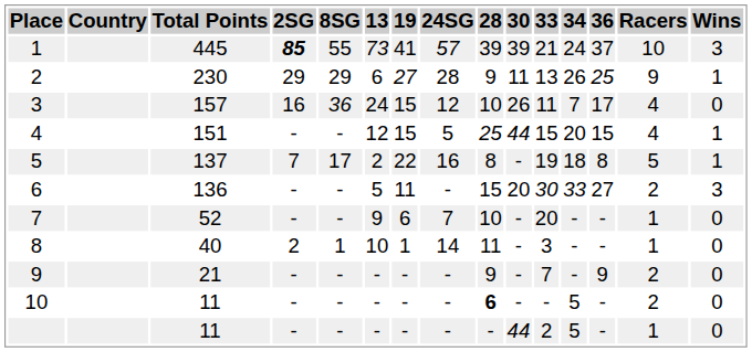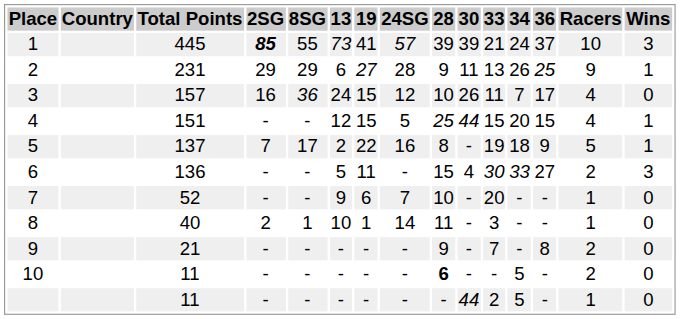 <table border="0" style="border: 1px solid #999; background-color:#FFFFFF; text-align:center">
 <tr align="center" bgcolor="#CCCCCC">
 <th>Place</th>
 <th>Country</th>
 <th>Total Points</th>
 <th>2SG</th>
 <th>8SG</th>
 <th>13</th>
 <th>19</th>
 <th>24SG</th>
 <th>28</th>
 <th>30</th>
 <th>33</th>
 <th>34</th>
 <th>36</th>
 <th>Racers</th>
 <th>Wins</th>
 </tr>
 <tr bgcolor="#EFEFEF">
 <td>1</td>
 <td align="left"></td>
 <td>445</td>
 <td><strong><em>85</em></strong></td>
 <td>55</td>
 <td><em>73</em></td>
 <td>41</td>
 <td><em>57</em></td>
 <td>39</td>
 <td>39</td>
 <td>21</td>
 <td>24</td>
 <td>37</td>
 <td>10</td>
 <td>3</td>
 </tr>
 <tr>
 <td>2</td>
 <td align="left"></td>
-<td>230</td>
+<td>231</td>
 <td>29</td>
 <td>29</td>
 <td>6</td>
 <td><em>27</em></td>
 <td>28</td>
 <td>9</td>
 <td>11</td>
 <td>13</td>
 <td>26</td>
 <td><em>25</em></td>
 <td>9</td>
 <td>1</td>
 </tr>
 <tr bgcolor="#EFEFEF">
 <td>3</td>
 <td align="left"></td>
 <td>157</td>
 <td>16</td>
 <td><em>36</em></td>
 <td>24</td>
 <td>15</td>
 <td>12</td>
 <td>10</td>
 <td>26</td>
 <td>11</td>
 <td>7</td>
 <td>17</td>
 <td>4</td>
 <td>0</td>
 </tr>
 <tr>
 <td>4</td>
 <td align="left"></td>
 <td>151</td>
 <td>-</td>
 <td>-</td>
 <td>12</td>
 <td>15</td>
 <td>5</td>
 <td><em>25</em></td>
 <td><em>44</em></td>
 <td>15</td>
 <td>20</td>
 <td>15</td>
 <td>4</td>
 <td>1</td>
 </tr>
 <tr bgcolor="#EFEFEF">
 <td>5</td>
 <td align="left"></td>
 <td>137</td>
 <td>7</td>
 <td>17</td>
 <td>2</td>
 <td>22</td>
 <td>16</td>
 <td>8</td>
 <td>-</td>
 <td>19</td>
 <td>18</td>
-<td>8</td>
+<td>9</td>
 <td>5</td>
 <td>1</td>
 </tr>
 <tr>
 <td>6</td>
 <td align="left"></td>
 <td>136</td>
 <td>-</td>
 <td>-</td>
 <td>5</td>
 <td>11</td>
 <td>-</td>
 <td>15</td>
-<td>20</td>
+<td>4</td>
 <td><em>30</em></td>
 <td><em>33</em></td>
 <td>27</td>
 <td>2</td>
 <td>3</td>
 </tr>
 <tr bgcolor="#EFEFEF">
 <td>7</td>
 <td align="left"></td>
 <td>52</td>
 <td>-</td>
 <td>-</td>
 <td>9</td>
 <td>6</td>
 <td>7</td>
 <td>10</td>
 <td>-</td>
 <td>20</td>
 <td>-</td>
 <td>-</td>
 <td>1</td>
 <td>0</td>
 </tr>
 <tr>
 <td>8</td>
 <td align="left"></td>
 <td>40</td>
 <td>2</td>
 <td>1</td>
 <td>10</td>
 <td>1</td>
 <td>14</td>
 <td>11</td>
 <td>-</td>
 <td>3</td>
 <td>-</td>
 <td>-</td>
 <td>1</td>
 <td>0</td>
 </tr>
 <tr bgcolor="#EFEFEF">
 <td>9</td>
 <td align="left"></td>
 <td>21</td>
 <td>-</td>
 <td>-</td>
 <td>-</td>
 <td>-</td>
 <td>-</td>
 <td>9</td>
 <td>-</td>
 <td>7</td>
 <td>-</td>
-<td>9</td>
+<td>8</td>
 <td>2</td>
 <td>0</td>
 </tr>
 <tr>
 <td>10</td>
 <td align="left"></td>
 <td>11</td>
 <td>-</td>
 <td>-</td>
 <td>-</td>
 <td>-</td>
 <td>-</td>
 <td><strong>6</strong></td>
 <td>-</td>
 <td>-</td>
 <td>5</td>
 <td>-</td>
 <td>2</td>
 <td>0</td>
 </tr>
 <tr bgcolor="#EFEFEF">
 <td></td>
 <td align="left"></td>
 <td>11</td>
 <td>-</td>
 <td>-</td>
 <td>-</td>
 <td>-</td>
 <td>-</td>
 <td>-</td>
 <td><em>44</em></td>
 <td>2</td>
 <td>5</td>
 <td>-</td>
 <td>1</td>
 <td>0</td>
 </tr>
 </table>
